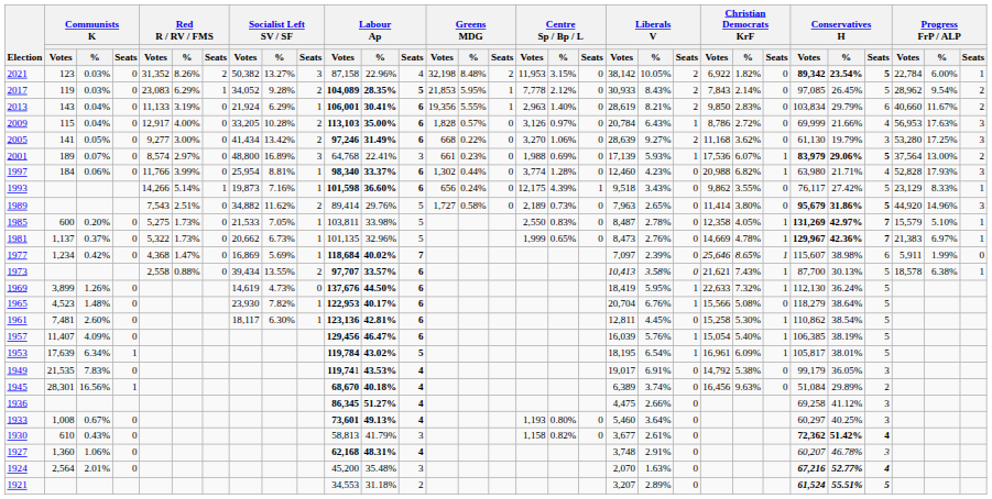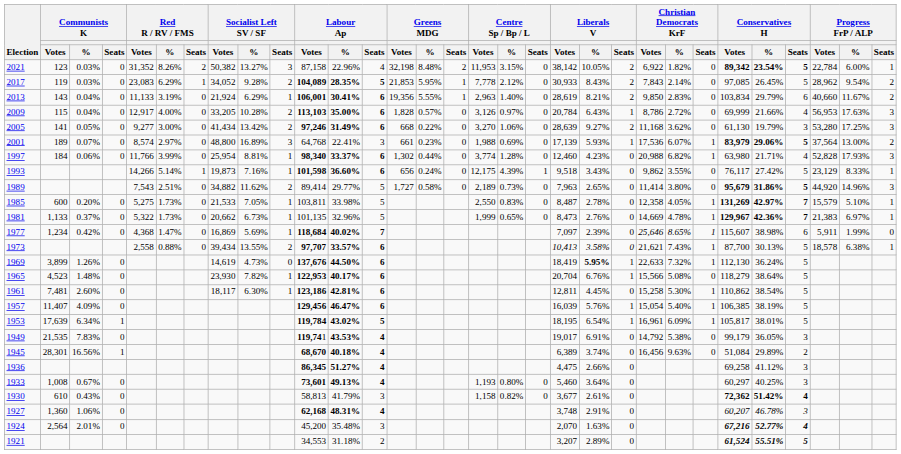 <table class="wikitable" border="1" style="font-size:80%; text-align:right;">
 <tr>
 <th style="text-align:left;" valign=bottom rowspan=3>Election</th>
 <th valign=bottom colspan=3><a href='#'>Communists</a><br>K</th>
 <th valign=bottom colspan=3><a href='#'>Red</a><br>R / RV / FMS</th>
 <th valign=bottom colspan=3><a href='#'>Socialist Left</a><br>SV / SF</th>
 <th valign=bottom colspan=3><a href='#'>Labour</a><br>Ap</th>
 <th valign=bottom colspan=3><a href='#'>Greens</a><br>MDG</th>
 <th valign=bottom colspan=3><a href='#'>Centre</a><br>Sp / Bp / L</th>
 <th valign=bottom colspan=3><a href='#'>Liberals</a><br>V</th>
 <th valign=bottom colspan=3><a href='#'>Christian<br>Democrats</a><br>KrF</th>
 <th valign=bottom colspan=3><a href='#'>Conservatives</a><br>H</th>
 <th valign=bottom colspan=3><a href='#'>Progress</a><br>FrP / ALP</th>
 </tr>
 <tr>
 <th colspan=3 style="background:"></th>
 <th colspan=3 style="background:"></th>
 <th colspan=3 style="background:"></th>
 <th colspan=3 style="background:"></th>
 <th colspan=3 style="background:"></th>
 <th colspan=3 style="background:"></th>
 <th colspan=3 style="background:"></th>
 <th colspan=3 style="background:"></th>
 <th colspan=3 style="background:"></th>
 <th colspan=3 style="background:"></th>
 </tr>
 <tr>
 <th>Votes</th>
 <th>%</th>
 <th>Seats</th>
 <th>Votes</th>
 <th>%</th>
 <th>Seats</th>
 <th>Votes</th>
 <th>%</th>
 <th>Seats</th>
 <th>Votes</th>
 <th>%</th>
 <th>Seats</th>
 <th>Votes</th>
 <th>%</th>
 <th>Seats</th>
 <th>Votes</th>
 <th>%</th>
 <th>Seats</th>
 <th>Votes</th>
 <th>%</th>
 <th>Seats</th>
 <th>Votes</th>
 <th>%</th>
 <th>Seats</th>
 <th>Votes</th>
 <th>%</th>
 <th>Seats</th>
 <th>Votes</th>
 <th>%</th>
 <th>Seats</th>
 </tr>
 <tr>
 <td align=left><a href='#'>2021</a></td>
 <td>123</td>
 <td>0.03%</td>
 <td>0</td>
 <td>31,352</td>
 <td>8.26%</td>
 <td>2</td>
 <td>50,382</td>
 <td>13.27%</td>
 <td>3</td>
 <td>87,158</td>
 <td>22.96%</td>
 <td>4</td>
 <td>32,198</td>
 <td>8.48%</td>
 <td>2</td>
 <td>11,953</td>
 <td>3.15%</td>
 <td>0</td>
 <td>38,142</td>
 <td>10.05%</td>
 <td>2</td>
 <td>6,922</td>
 <td>1.82%</td>
 <td>0</td>
 <td><strong>89,342</strong></td>
 <td><strong>23.54%</strong></td>
 <td><strong>5</strong></td>
 <td>22,784</td>
 <td>6.00%</td>
 <td>1</td>
 </tr>
 <tr>
 <td align=left><a href='#'>2017</a></td>
 <td>119</td>
 <td>0.03%</td>
 <td>0</td>
 <td>23,083</td>
 <td>6.29%</td>
 <td>1</td>
 <td>34,052</td>
 <td>9.28%</td>
 <td>2</td>
 <td><strong>104,089</strong></td>
 <td><strong>28.35%</strong></td>
 <td><strong>5</strong></td>
 <td>21,853</td>
 <td>5.95%</td>
 <td>1</td>
 <td>7,778</td>
 <td>2.12%</td>
 <td>0</td>
 <td>30,933</td>
 <td>8.43%</td>
 <td>2</td>
 <td>7,843</td>
 <td>2.14%</td>
 <td>0</td>
 <td>97,085</td>
 <td>26.45%</td>
 <td>5</td>
 <td>28,962</td>
 <td>9.54%</td>
 <td>2</td>
 </tr>
 <tr>
 <td align=left><a href='#'>2013</a></td>
 <td>143</td>
 <td>0.04%</td>
 <td>0</td>
 <td>11,133</td>
 <td>3.19%</td>
 <td>0</td>
 <td>21,924</td>
 <td>6.29%</td>
 <td>1</td>
 <td><strong>106,001</strong></td>
 <td><strong>30.41%</strong></td>
 <td><strong>6</strong></td>
 <td>19,356</td>
 <td>5.55%</td>
 <td>1</td>
 <td>2,963</td>
 <td>1.40%</td>
 <td>0</td>
 <td>28,619</td>
 <td>8.21%</td>
 <td>2</td>
 <td>9,850</td>
 <td>2.83%</td>
 <td>0</td>
 <td>103,834</td>
 <td>29.79%</td>
 <td>6</td>
 <td>40,660</td>
 <td>11.67%</td>
 <td>2</td>
 </tr>
 <tr>
 <td align=left><a href='#'>2009</a></td>
 <td>115</td>
 <td>0.04%</td>
 <td>0</td>
 <td>12,917</td>
 <td>4.00%</td>
 <td>0</td>
 <td>33,205</td>
 <td>10.28%</td>
 <td>2</td>
 <td><strong>113,103</strong></td>
 <td><strong>35.00%</strong></td>
 <td><strong>6</strong></td>
 <td>1,828</td>
 <td>0.57%</td>
 <td>0</td>
 <td>3,126</td>
 <td>0.97%</td>
 <td>0</td>
 <td>20,784</td>
 <td>6.43%</td>
 <td>1</td>
 <td>8,786</td>
 <td>2.72%</td>
 <td>0</td>
 <td>69,999</td>
 <td>21.66%</td>
 <td>4</td>
 <td>56,953</td>
 <td>17.63%</td>
 <td>3</td>
 </tr>
 <tr>
 <td align=left><a href='#'>2005</a></td>
 <td>141</td>
 <td>0.05%</td>
 <td>0</td>
 <td>9,277</td>
 <td>3.00%</td>
 <td>0</td>
 <td>41,434</td>
 <td>13.42%</td>
 <td>2</td>
 <td><strong>97,246</strong></td>
 <td><strong>31.49%</strong></td>
 <td><strong>6</strong></td>
 <td>668</td>
 <td>0.22%</td>
 <td>0</td>
 <td>3,270</td>
 <td>1.06%</td>
 <td>0</td>
 <td>28,639</td>
 <td>9.27%</td>
 <td>2</td>
 <td>11,168</td>
 <td>3.62%</td>
 <td>0</td>
 <td>61,130</td>
 <td>19.79%</td>
 <td>3</td>
 <td>53,280</td>
 <td>17.25%</td>
 <td>3</td>
 </tr>
 <tr>
 <td align=left><a href='#'>2001</a></td>
 <td>189</td>
 <td>0.07%</td>
 <td>0</td>
 <td>8,574</td>
 <td>2.97%</td>
 <td>0</td>
 <td>48,800</td>
 <td>16.89%</td>
 <td>3</td>
 <td>64,768</td>
 <td>22.41%</td>
 <td>3</td>
 <td>661</td>
 <td>0.23%</td>
 <td>0</td>
 <td>1,988</td>
 <td>0.69%</td>
 <td>0</td>
 <td>17,139</td>
 <td>5.93%</td>
 <td>1</td>
 <td>17,536</td>
 <td>6.07%</td>
 <td>1</td>
 <td><strong>83,979</strong></td>
 <td><strong>29.06%</strong></td>
 <td><strong>5</strong></td>
 <td>37,564</td>
 <td>13.00%</td>
 <td>2</td>
 </tr>
 <tr>
 <td align=left><a href='#'>1997</a></td>
 <td>184</td>
 <td>0.06%</td>
 <td>0</td>
 <td>11,766</td>
 <td>3.99%</td>
 <td>0</td>
 <td>25,954</td>
 <td>8.81%</td>
 <td>1</td>
 <td><strong>98,340</strong></td>
 <td><strong>33.37%</strong></td>
 <td><strong>6</strong></td>
 <td>1,302</td>
 <td>0.44%</td>
 <td>0</td>
 <td>3,774</td>
 <td>1.28%</td>
 <td>0</td>
 <td>12,460</td>
 <td>4.23%</td>
 <td>0</td>
 <td>20,988</td>
 <td>6.82%</td>
 <td>1</td>
 <td>63,980</td>
 <td>21.71%</td>
 <td>4</td>
 <td>52,828</td>
 <td>17.93%</td>
 <td>3</td>
 </tr>
 <tr>
 <td align=left><a href='#'>1993</a></td>
 <td></td>
 <td></td>
 <td></td>
 <td>14,266</td>
 <td>5.14%</td>
 <td>1</td>
 <td>19,873</td>
 <td>7.16%</td>
 <td>1</td>
 <td><strong>101,598</strong></td>
 <td><strong>36.60%</strong></td>
 <td><strong>6</strong></td>
 <td>656</td>
 <td>0.24%</td>
 <td>0</td>
 <td>12,175</td>
 <td>4.39%</td>
 <td>1</td>
 <td>9,518</td>
 <td>3.43%</td>
 <td>0</td>
 <td>9,862</td>
 <td>3.55%</td>
 <td>0</td>
 <td>76,117</td>
 <td>27.42%</td>
 <td>5</td>
 <td>23,129</td>
 <td>8.33%</td>
 <td>1</td>
 </tr>
 <tr>
 <td align=left><a href='#'>1989</a></td>
 <td></td>
 <td></td>
 <td></td>
 <td>7,543</td>
 <td>2.51%</td>
 <td>0</td>
 <td>34,882</td>
 <td>11.62%</td>
 <td>2</td>
 <td>89,414</td>
-<td>29.76%</td>
+<td>29.77%</td>
 <td>5</td>
 <td>1,727</td>
 <td>0.58%</td>
 <td>0</td>
 <td>2,189</td>
 <td>0.73%</td>
 <td>0</td>
 <td>7,963</td>
 <td>2.65%</td>
 <td>0</td>
 <td>11,414</td>
 <td>3.80%</td>
 <td>0</td>
 <td><strong>95,679</strong></td>
 <td><strong>31.86%</strong></td>
 <td><strong>5</strong></td>
 <td>44,920</td>
 <td>14.96%</td>
 <td>3</td>
 </tr>
 <tr>
 <td align=left><a href='#'>1985</a></td>
 <td>600</td>
 <td>0.20%</td>
 <td>0</td>
 <td>5,275</td>
 <td>1.73%</td>
 <td>0</td>
 <td>21,533</td>
 <td>7.05%</td>
 <td>1</td>
 <td>103,811</td>
 <td>33.98%</td>
 <td>5</td>
 <td></td>
 <td></td>
 <td></td>
 <td>2,550</td>
 <td>0.83%</td>
 <td>0</td>
 <td>8,487</td>
 <td>2.78%</td>
 <td>0</td>
 <td>12,358</td>
 <td>4.05%</td>
 <td>1</td>
 <td><strong>131,269</strong></td>
 <td><strong>42.97%</strong></td>
 <td><strong>7</strong></td>
 <td>15,579</td>
 <td>5.10%</td>
 <td>1</td>
 </tr>
 <tr>
 <td align=left><a href='#'>1981</a></td>
-<td>1,137</td>
+<td>1,133</td>
 <td>0.37%</td>
 <td>0</td>
 <td>5,322</td>
 <td>1.73%</td>
 <td>0</td>
 <td>20,662</td>
 <td>6.73%</td>
 <td>1</td>
 <td>101,135</td>
 <td>32.96%</td>
 <td>5</td>
 <td></td>
 <td></td>
 <td></td>
 <td>1,999</td>
 <td>0.65%</td>
 <td>0</td>
 <td>8,473</td>
 <td>2.76%</td>
 <td>0</td>
 <td>14,669</td>
 <td>4.78%</td>
 <td>1</td>
 <td><strong>129,967</strong></td>
 <td><strong>42.36%</strong></td>
 <td><strong>7</strong></td>
 <td>21,383</td>
 <td>6.97%</td>
 <td>1</td>
 </tr>
 <tr>
 <td align=left><a href='#'>1977</a></td>
 <td>1,234</td>
 <td>0.42%</td>
 <td>0</td>
 <td>4,368</td>
 <td>1.47%</td>
 <td>0</td>
 <td>16,869</td>
 <td>5.69%</td>
 <td>1</td>
 <td><strong>118,684</strong></td>
 <td><strong>40.02%</strong></td>
 <td><strong>7</strong></td>
 <td></td>
 <td></td>
 <td></td>
 <td></td>
 <td></td>
 <td></td>
 <td>7,097</td>
 <td>2.39%</td>
 <td>0</td>
 <td><em>25,646</em></td>
 <td><em>8.65%</em></td>
 <td><em>1</em></td>
 <td>115,607</td>
 <td>38.98%</td>
 <td>6</td>
 <td>5,911</td>
 <td>1.99%</td>
 <td>0</td>
 </tr>
 <tr>
 <td align=left><a href='#'>1973</a></td>
 <td></td>
 <td></td>
 <td></td>
 <td>2,558</td>
 <td>0.88%</td>
 <td>0</td>
 <td>39,434</td>
 <td>13.55%</td>
 <td>2</td>
 <td><strong>97,707</strong></td>
 <td><strong>33.57%</strong></td>
 <td><strong>6</strong></td>
 <td></td>
 <td></td>
 <td></td>
 <td></td>
 <td></td>
 <td></td>
 <td><em>10,413</em></td>
 <td><em>3.58%</em></td>
 <td><em>0</em></td>
 <td>21,621</td>
 <td>7.43%</td>
 <td>1</td>
 <td>87,700</td>
 <td>30.13%</td>
 <td>5</td>
 <td>18,578</td>
 <td>6.38%</td>
 <td>1</td>
 </tr>
 <tr>
 <td align=left><a href='#'>1969</a></td>
 <td>3,899</td>
 <td>1.26%</td>
 <td>0</td>
 <td></td>
 <td></td>
 <td></td>
 <td>14,619</td>
 <td>4.73%</td>
 <td>0</td>
 <td><strong>137,676</strong></td>
 <td><strong>44.50%</strong></td>
 <td><strong>6</strong></td>
 <td></td>
 <td></td>
 <td></td>
 <td></td>
 <td></td>
 <td></td>
 <td>18,419</td>
-<td>5.95%</td>
+<td><strong>5.95%</strong></td>
 <td>1</td>
 <td>22,633</td>
 <td>7.32%</td>
 <td>1</td>
 <td>112,130</td>
 <td>36.24%</td>
 <td>5</td>
 <td></td>
 <td></td>
 <td></td>
 </tr>
 <tr>
 <td align=left><a href='#'>1965</a></td>
 <td>4,523</td>
 <td>1.48%</td>
 <td>0</td>
 <td></td>
 <td></td>
 <td></td>
 <td>23,930</td>
 <td>7.82%</td>
 <td>1</td>
 <td><strong>122,953</strong></td>
 <td><strong>40.17%</strong></td>
 <td><strong>6</strong></td>
 <td></td>
 <td></td>
 <td></td>
 <td></td>
 <td></td>
 <td></td>
 <td>20,704</td>
 <td>6.76%</td>
 <td>1</td>
 <td>15,566</td>
 <td>5.08%</td>
 <td>0</td>
 <td>118,279</td>
 <td>38.64%</td>
 <td>5</td>
 <td></td>
 <td></td>
 <td></td>
 </tr>
 <tr>
 <td align=left><a href='#'>1961</a></td>
 <td>7,481</td>
 <td>2.60%</td>
 <td>0</td>
 <td></td>
 <td></td>
 <td></td>
 <td>18,117</td>
 <td>6.30%</td>
 <td>1</td>
-<td><strong>123,136</strong></td>
+<td><strong>123,186</strong></td>
 <td><strong>42.81%</strong></td>
 <td><strong>6</strong></td>
 <td></td>
 <td></td>
 <td></td>
 <td></td>
 <td></td>
 <td></td>
 <td>12,811</td>
 <td>4.45%</td>
 <td>0</td>
 <td>15,258</td>
 <td>5.30%</td>
 <td>1</td>
 <td>110,862</td>
 <td>38.54%</td>
 <td>5</td>
 <td></td>
 <td></td>
 <td></td>
 </tr>
 <tr>
 <td align=left><a href='#'>1957</a></td>
 <td>11,407</td>
 <td>4.09%</td>
 <td>0</td>
 <td></td>
 <td></td>
 <td></td>
 <td></td>
 <td></td>
 <td></td>
 <td><strong>129,456</strong></td>
 <td><strong>46.47%</strong></td>
 <td><strong>6</strong></td>
 <td></td>
 <td></td>
 <td></td>
 <td></td>
 <td></td>
 <td></td>
 <td>16,039</td>
 <td>5.76%</td>
 <td>1</td>
 <td>15,054</td>
 <td>5.40%</td>
 <td>1</td>
 <td>106,385</td>
 <td>38.19%</td>
 <td>5</td>
 <td></td>
 <td></td>
 <td></td>
 </tr>
 <tr>
 <td align=left><a href='#'>1953</a></td>
 <td>17,639</td>
 <td>6.34%</td>
 <td>1</td>
 <td></td>
 <td></td>
 <td></td>
 <td></td>
 <td></td>
 <td></td>
 <td><strong>119,784</strong></td>
 <td><strong>43.02%</strong></td>
 <td><strong>5</strong></td>
 <td></td>
 <td></td>
 <td></td>
 <td></td>
 <td></td>
 <td></td>
 <td>18,195</td>
 <td>6.54%</td>
 <td>1</td>
 <td>16,961</td>
 <td>6.09%</td>
 <td>1</td>
 <td>105,817</td>
 <td>38.01%</td>
 <td>5</td>
 <td></td>
 <td></td>
 <td></td>
 </tr>
 <tr>
 <td align=left><a href='#'>1949</a></td>
 <td>21,535</td>
 <td>7.83%</td>
 <td>0</td>
 <td></td>
 <td></td>
 <td></td>
 <td></td>
 <td></td>
 <td></td>
 <td><strong>119,74</strong>1</td>
 <td><strong>43.53%</strong></td>
 <td><strong>4</strong></td>
 <td></td>
 <td></td>
 <td></td>
 <td></td>
 <td></td>
 <td></td>
 <td>19,017</td>
 <td>6.91%</td>
 <td>0</td>
 <td>14,792</td>
 <td>5.38%</td>
 <td>0</td>
 <td>99,179</td>
 <td>36.05%</td>
 <td>3</td>
 <td></td>
 <td></td>
 <td></td>
 </tr>
 <tr>
 <td align=left><a href='#'>1945</a></td>
 <td>28,301</td>
 <td>16.56%</td>
 <td>1</td>
 <td></td>
 <td></td>
 <td></td>
 <td></td>
 <td></td>
 <td></td>
 <td><strong>68,670</strong></td>
 <td><strong>40.18%</strong></td>
 <td><strong>4</strong></td>
 <td></td>
 <td></td>
 <td></td>
 <td></td>
 <td></td>
 <td></td>
 <td>6,389</td>
 <td>3.74%</td>
 <td>0</td>
 <td>16,456</td>
 <td>9.63%</td>
 <td>0</td>
 <td>51,084</td>
 <td>29.89%</td>
 <td>2</td>
 <td></td>
 <td></td>
 <td></td>
 </tr>
 <tr>
 <td align=left><a href='#'>1936</a></td>
 <td></td>
 <td></td>
 <td></td>
 <td></td>
 <td></td>
 <td></td>
 <td></td>
 <td></td>
 <td></td>
 <td><strong>86,345</strong></td>
 <td><strong>51.27%</strong></td>
 <td><strong>4</strong></td>
 <td></td>
 <td></td>
 <td></td>
 <td></td>
 <td></td>
 <td></td>
 <td>4,475</td>
 <td>2.66%</td>
 <td>0</td>
 <td></td>
 <td></td>
 <td></td>
 <td>69,258</td>
 <td>41.12%</td>
 <td>3</td>
 <td></td>
 <td></td>
 <td></td>
 </tr>
 <tr>
 <td align=left><a href='#'>1933</a></td>
 <td>1,008</td>
 <td>0.67%</td>
 <td>0</td>
 <td></td>
 <td></td>
 <td></td>
 <td></td>
 <td></td>
 <td></td>
 <td><strong>73,601</strong></td>
 <td><strong>49.13%</strong></td>
 <td><strong>4</strong></td>
 <td></td>
 <td></td>
 <td></td>
 <td>1,193</td>
 <td>0.80%</td>
 <td>0</td>
 <td>5,460</td>
 <td>3.64%</td>
 <td>0</td>
 <td></td>
 <td></td>
 <td></td>
 <td>60,297</td>
 <td>40.25%</td>
 <td>3</td>
 <td></td>
 <td></td>
 <td></td>
 </tr>
 <tr>
 <td align=left><a href='#'>1930</a></td>
 <td>610</td>
 <td>0.43%</td>
 <td>0</td>
 <td></td>
 <td></td>
 <td></td>
 <td></td>
 <td></td>
 <td></td>
 <td>58,813</td>
 <td>41.79%</td>
 <td>3</td>
 <td></td>
 <td></td>
 <td></td>
 <td>1,158</td>
 <td>0.82%</td>
 <td>0</td>
 <td>3,677</td>
 <td>2.61%</td>
 <td>0</td>
 <td></td>
 <td></td>
 <td></td>
 <td><strong>72,362</strong></td>
 <td><strong>51.42%</strong></td>
 <td><strong>4</strong></td>
 <td></td>
 <td></td>
 <td></td>
 </tr>
 <tr>
 <td align=left><a href='#'>1927</a></td>
 <td>1,360</td>
 <td>1.06%</td>
 <td>0</td>
 <td></td>
 <td></td>
 <td></td>
 <td></td>
 <td></td>
 <td></td>
 <td><strong>62,168</strong></td>
 <td><strong>48.31%</strong></td>
 <td><strong>4</strong></td>
 <td></td>
 <td></td>
 <td></td>
 <td></td>
 <td></td>
 <td></td>
 <td>3,748</td>
 <td>2.91%</td>
 <td>0</td>
 <td></td>
 <td></td>
 <td></td>
 <td><em>60,207</em></td>
 <td><em>46.78%</em></td>
 <td><em>3</em></td>
 <td></td>
 <td></td>
 <td></td>
 </tr>
 <tr>
 <td align=left><a href='#'>1924</a></td>
 <td>2,564</td>
 <td>2.01%</td>
 <td>0</td>
 <td></td>
 <td></td>
 <td></td>
 <td></td>
 <td></td>
 <td></td>
 <td>45,200</td>
 <td>35.48%</td>
 <td>3</td>
 <td></td>
 <td></td>
 <td></td>
 <td></td>
 <td></td>
 <td></td>
 <td>2,070</td>
 <td>1.63%</td>
 <td>0</td>
 <td></td>
 <td></td>
 <td></td>
 <td><strong><em>67,216</em></strong></td>
 <td><strong><em>52.77%</em></strong></td>
 <td><strong><em>4</em></strong></td>
 <td></td>
 <td></td>
 <td></td>
 </tr>
 <tr>
 <td align=left><a href='#'>1921</a></td>
 <td></td>
 <td></td>
 <td></td>
 <td></td>
 <td></td>
 <td></td>
 <td></td>
 <td></td>
 <td></td>
 <td>34,553</td>
 <td>31.18%</td>
 <td>2</td>
 <td></td>
 <td></td>
 <td></td>
 <td></td>
 <td></td>
 <td></td>
 <td>3,207</td>
 <td>2.89%</td>
 <td>0</td>
 <td></td>
 <td></td>
 <td></td>
 <td><strong><em>61,524</em></strong></td>
 <td><strong><em>55.51%</em></strong></td>
 <td><strong><em>5</em></strong></td>
 <td></td>
 <td></td>
 <td></td>
 </tr>
 </table>
